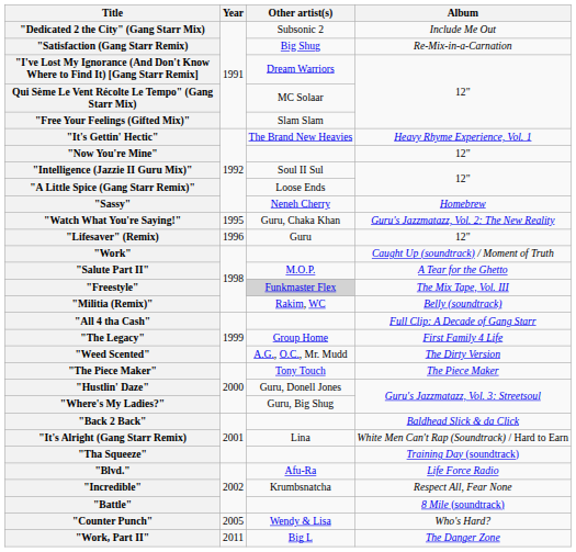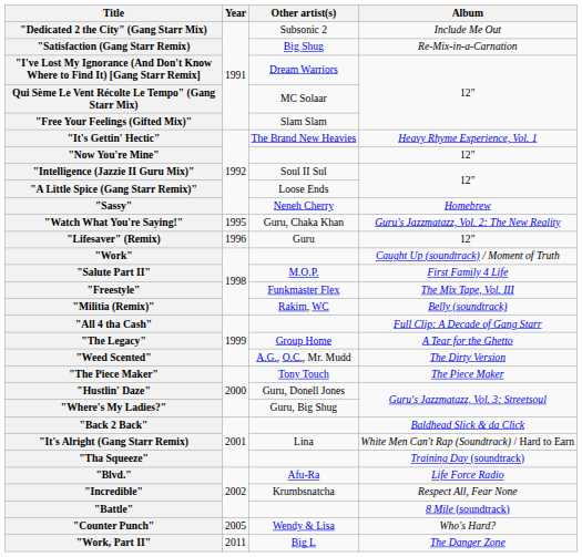 <table class="wikitable plainrowheaders" style="text-align:center;">
 <tr>
 <th scope="col" style="width:20em;">Title</th>
 <th scope="col">Year</th>
 <th scope="col">Other artist(s)</th>
 <th scope="col">Album</th>
 </tr>
 <tr>
 <th>"Dedicated 2 the City" (Gang Starr Mix)</th>
 <td rowspan="5">1991</td>
 <td>Subsonic 2</td>
 <td><em>Include Me Out</em></td>
 </tr>
 <tr>
 <th>"Satisfaction (Gang Starr Remix)</th>
 <td><a href='#'>Big Shug</a></td>
 <td><em>Re-Mix-in-a-Carnation</em></td>
 </tr>
 <tr>
 <th>"I've Lost My Ignorance (And Don't Know Where to Find It) [Gang Starr Remix]</th>
 <td><a href='#'>Dream Warriors</a></td>
 <td rowspan="3">12"</td>
 </tr>
 <tr>
 <th>Qui Sème Le Vent Récolte Le Tempo" (Gang Starr Mix)</th>
 <td>MC Solaar</td>
 </tr>
 <tr>
 <th>"Free Your Feelings (Gifted Mix)"</th>
 <td>Slam Slam</td>
 </tr>
 <tr>
 <th>"It's Gettin' Hectic"</th>
 <td rowspan="5">1992</td>
 <td><a href='#'>The Brand New Heavies</a></td>
 <td><em><a href='#'>Heavy Rhyme Experience, Vol. 1</a></em></td>
 </tr>
 <tr>
 <th>"Now You're Mine"</th>
 <td></td>
 <td>12"</td>
 </tr>
 <tr>
 <th>"Intelligence (Jazzie II Guru Mix)"</th>
 <td>Soul II Sul</td>
 <td rowspan="2">12"</td>
 </tr>
 <tr>
 <th>"A Little Spice (Gang Starr Remix)"</th>
 <td>Loose Ends</td>
 </tr>
 <tr>
 <th>"Sassy"</th>
 <td><a href='#'>Neneh Cherry</a></td>
 <td><a href='#'><em>Homebrew</em></a></td>
 </tr>
 <tr>
 <th>"Watch What You're Saying!"</th>
 <td>1995</td>
 <td>Guru, Chaka Khan</td>
 <td><em><a href='#'>Guru's Jazzmatazz, Vol. 2: The New Reality</a></em></td>
 </tr>
 <tr>
 <th>"Lifesaver" (Remix)</th>
 <td>1996</td>
 <td>Guru</td>
 <td>12"</td>
 </tr>
 <tr>
 <th>"Work"</th>
 <td rowspan="4">1998</td>
 <td></td>
 <td><em><a href='#'>Caught Up (soundtrack)</a> / Moment of Truth</em></td>
 </tr>
 <tr>
 <th>"Salute Part II"</th>
 <td><a href='#'>M.O.P.</a></td>
-<td><em><a href='#'>A Tear for the Ghetto</a></em></td>
+<td><em><a href='#'>First Family 4 Life</a></em></td>
 </tr>
 <tr>
 <th>"Freestyle"</th>
-<td style="background: lightgrey;"><a href='#'>Funkmaster Flex</a></td>
+<td><a href='#'>Funkmaster Flex</a></td>
 <td><em><a href='#'>The Mix Tape, Vol. III</a></em></td>
 </tr>
 <tr>
 <th>"Militia (Remix)"</th>
 <td><a href='#'>Rakim</a>, <a href='#'>WC</a></td>
 <td><em><a href='#'>Belly (soundtrack)</a></em></td>
 </tr>
 <tr>
 <th>"All 4 tha Cash"</th>
 <td rowspan="3">1999</td>
 <td></td>
 <td><em><a href='#'>Full Clip: A Decade of Gang Starr</a></em></td>
 </tr>
 <tr>
 <th>"The Legacy"</th>
 <td><a href='#'>Group Home</a></td>
-<td><em><a href='#'>First Family 4 Life</a></em></td>
+<td><em><a href='#'>A Tear for the Ghetto</a></em></td>
 </tr>
 <tr>
 <th>"Weed Scented"</th>
 <td><a href='#'>A.G.</a>, <a href='#'>O.C.</a>, Mr. Mudd</td>
 <td><em><a href='#'>The Dirty Version</a></em></td>
 </tr>
 <tr>
 <th>"The Piece Maker"</th>
 <td rowspan="3">2000</td>
 <td><a href='#'>Tony Touch</a></td>
 <td><em><a href='#'>The Piece Maker</a></em></td>
 </tr>
 <tr>
 <th>"Hustlin' Daze"</th>
 <td>Guru, Donell Jones</td>
 <td rowspan="2"><em><a href='#'>Guru's Jazzmatazz, Vol. 3: Streetsoul</a></em></td>
 </tr>
 <tr>
 <th>"Where's My Ladies?"</th>
 <td>Guru, Big Shug</td>
 </tr>
 <tr>
 <th>"Back 2 Back"</th>
 <td rowspan="3">2001</td>
 <td></td>
 <td><em><a href='#'>Baldhead Slick & da Click</a></em></td>
 </tr>
 <tr>
 <th>"It's Alright (Gang Starr Remix)</th>
 <td>Lina</td>
 <td><em>White Men Can't Rap (Soundtrack)</em> / Hard to Earn</td>
 </tr>
 <tr>
 <th>"Tha Squeeze"</th>
 <td></td>
 <td><a href='#'><em>Training Day</em> (soundtrack)</a></td>
 </tr>
 <tr>
 <th>"Blvd."</th>
 <td rowspan="3">2002</td>
 <td><a href='#'>Afu-Ra</a></td>
 <td><em><a href='#'>Life Force Radio</a></em></td>
 </tr>
 <tr>
 <th>"Incredible"</th>
 <td>Krumbsnatcha</td>
 <td><em>Respect All, Fear None</em></td>
 </tr>
 <tr>
 <th>"Battle"</th>
 <td></td>
 <td><a href='#'><em>8 Mile</em> (soundtrack)</a></td>
 </tr>
 <tr>
 <th>"Counter Punch"</th>
 <td>2005</td>
 <td><a href='#'>Wendy & Lisa</a></td>
 <td><em>Who's Hard?</em></td>
 </tr>
 <tr>
 <th>"Work, Part II"</th>
 <td>2011</td>
 <td><a href='#'>Big L</a></td>
 <td><em><a href='#'>The Danger Zone</a></em></td>
 </tr>
 </table>
